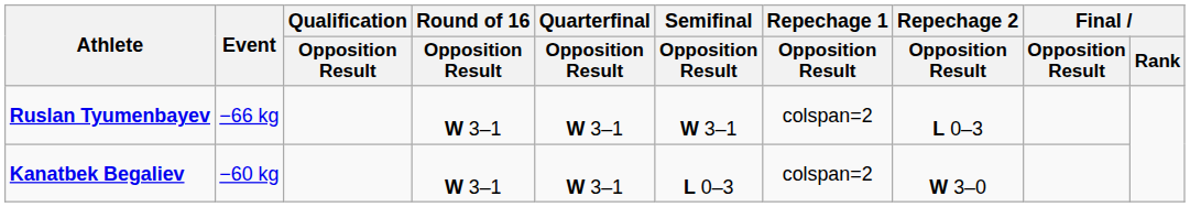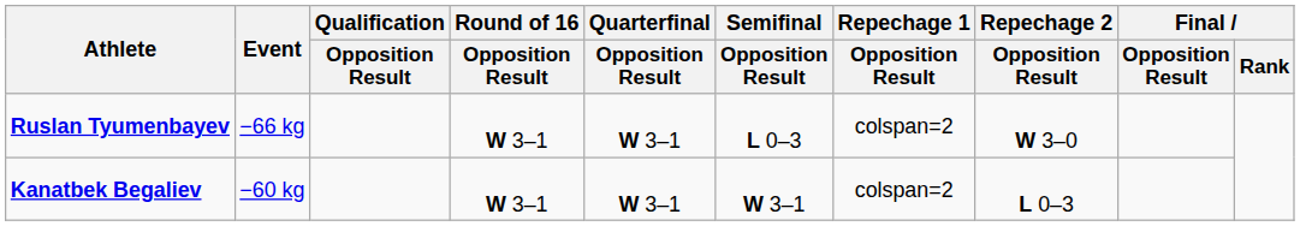 <table class="wikitable" style="font-size:90%">
 <tr>
 <th rowspan="2">Athlete</th>
 <th rowspan="2">Event</th>
 <th>Qualification</th>
 <th>Round of 16</th>
 <th>Quarterfinal</th>
 <th>Semifinal</th>
 <th>Repechage 1</th>
 <th>Repechage 2</th>
 <th colspan=2>Final / </th>
 </tr>
 <tr style="font-size: 95%">
 <th>Opposition<br>Result</th>
 <th>Opposition<br>Result</th>
 <th>Opposition<br>Result</th>
 <th>Opposition<br>Result</th>
 <th>Opposition<br>Result</th>
 <th>Opposition<br>Result</th>
 <th>Opposition<br>Result</th>
 <th>Rank</th>
 </tr>
 <tr align=center>
 <td align=left><strong><a href='#'>Ruslan Tyumenbayev</a></strong></td>
 <td align=left><a href='#'>−66 kg</a></td>
 <td></td>
 <td><br><strong>W</strong> 3–1 <sup></sup></td>
 <td><br><strong>W</strong> 3–1 <sup></sup></td>
-<td><br><strong>W</strong> 3–1 <sup></sup></td>
+<td><br><strong>L</strong> 0–3 <sup></sup></td>
 <td>colspan=2 </td>
-<td><br><strong>L</strong> 0–3 <sup></sup></td>
+<td><br><strong>W</strong> 3–0 <sup></sup></td>
 <td></td>
 </tr>
 <tr align=center>
 <td align=left><strong><a href='#'>Kanatbek Begaliev</a></strong></td>
 <td align=left><a href='#'>−60 kg</a></td>
 <td></td>
 <td><br><strong>W</strong> 3–1 <sup></sup></td>
 <td><br><strong>W</strong> 3–1 <sup></sup></td>
+<td><br><strong>W</strong> 3–1 <sup></sup></td>
+<td>colspan=2 </td>
 <td><br><strong>L</strong> 0–3 <sup></sup></td>
-<td>colspan=2 </td>
-<td><br><strong>W</strong> 3–0 <sup></sup></td>
 <td></td>
 </tr>
 </table>
